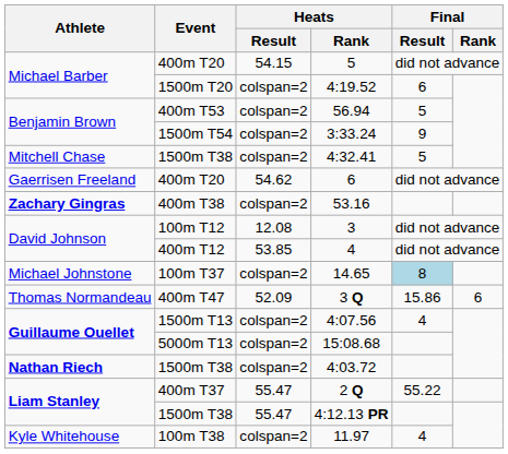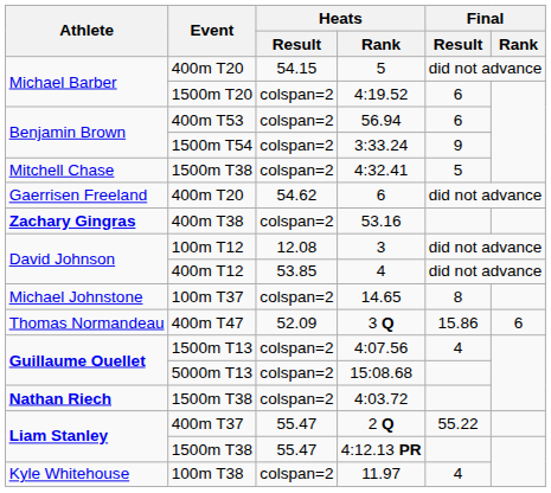 <table class=wikitable style="font-size:90%">
 <tr>
 <th rowspan="2">Athlete</th>
 <th rowspan="2">Event</th>
 <th colspan="2">Heats</th>
 <th colspan="3">Final</th>
 </tr>
 <tr>
 <th>Result</th>
 <th>Rank</th>
 <th>Result</th>
 <th>Rank</th>
 </tr>
 <tr align=center>
 <td align=left rowspan=2><a href='#'>Michael Barber</a></td>
 <td align=left>400m T20</td>
 <td>54.15</td>
 <td>5</td>
 <td colspan=2>did not advance</td>
 </tr>
 <tr align=center>
 <td align=left>1500m T20</td>
 <td>colspan=2 </td>
 <td>4:19.52</td>
 <td>6</td>
 </tr>
 <tr align=center>
 <td align=left rowspan=2><a href='#'>Benjamin Brown</a></td>
 <td align=left>400m T53</td>
 <td>colspan=2 </td>
 <td>56.94</td>
-<td>5</td>
+<td>6</td>
 </tr>
 <tr align=center>
 <td align=left>1500m T54</td>
 <td>colspan=2 </td>
 <td>3:33.24</td>
 <td>9</td>
 </tr>
 <tr align=center>
 <td align=left><a href='#'>Mitchell Chase</a></td>
 <td align=left>1500m T38</td>
 <td>colspan=2 </td>
 <td>4:32.41</td>
 <td>5</td>
 </tr>
 <tr align=center>
 <td align=left><a href='#'>Gaerrisen Freeland</a></td>
 <td align=left>400m T20</td>
 <td>54.62</td>
 <td>6</td>
 <td colspan=2>did not advance</td>
 </tr>
 <tr align=center>
 <td align=left><strong><a href='#'>Zachary Gingras</a></strong></td>
 <td align=left>400m T38</td>
 <td>colspan=2 </td>
 <td>53.16</td>
 <td></td>
 </tr>
 <tr align=center>
 <td align=left rowspan=2><a href='#'>David Johnson</a></td>
 <td align=left>100m T12</td>
 <td>12.08</td>
 <td>3</td>
 <td colspan=2>did not advance</td>
 </tr>
 <tr align=center>
 <td align=left>400m T12</td>
 <td>53.85</td>
 <td>4</td>
 <td colspan=2>did not advance</td>
 </tr>
 <tr align=center>
 <td align=left><a href='#'>Michael Johnstone</a></td>
 <td align=left>100m T37</td>
 <td>colspan=2 </td>
 <td>14.65</td>
-<td style="background: lightblue;">8</td>
+<td>8</td>
 </tr>
 <tr align=center>
 <td align=left><a href='#'>Thomas Normandeau</a></td>
 <td align=left>400m T47</td>
 <td>52.09</td>
 <td>3 <strong>Q</strong></td>
 <td>15.86</td>
 <td>6</td>
 </tr>
 <tr align=center>
 <td align=left rowspan=2><strong><a href='#'>Guillaume Ouellet</a></strong></td>
 <td align=left>1500m T13</td>
 <td>colspan=2 </td>
 <td>4:07.56</td>
 <td>4</td>
 </tr>
 <tr align=center>
 <td align=left>5000m T13</td>
 <td>colspan=2 </td>
 <td>15:08.68</td>
 <td></td>
 </tr>
 <tr align=center>
 <td align=left><strong><a href='#'>Nathan Riech</a></strong></td>
 <td align=left>1500m T38</td>
 <td>colspan=2 </td>
 <td>4:03.72</td>
 <td></td>
 </tr>
 <tr align=center>
 <td align=left rowspan=2><strong><a href='#'>Liam Stanley</a></strong></td>
 <td align=left>400m T37</td>
 <td>55.47</td>
 <td>2 <strong>Q</strong></td>
 <td>55.22</td>
 <td></td>
 </tr>
 <tr align=center>
 <td align=left>1500m T38</td>
 <td>55.47</td>
 <td>4:12.13 <strong>PR</strong></td>
 <td></td>
 </tr>
 <tr align=center>
 <td align=left><a href='#'>Kyle Whitehouse</a></td>
 <td align=left>100m T38</td>
 <td>colspan=2 </td>
 <td>11.97</td>
 <td>4</td>
 </tr>
 </table>
